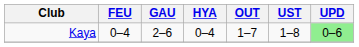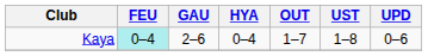 <table class="wikitable" style="text-align: center;">
 <tr>
 <th width=120px>Club</th>
 <th width=50px><a href='#'>FEU</a></th>
 <th width=50px><a href='#'>GAU</a></th>
 <th width=50px><a href='#'>HYA</a></th>
 <th width=50px><a href='#'>OUT</a></th>
 <th width=50px><a href='#'>UST</a></th>
 <th width=50px><a href='#'>UPD</a></th>
 </tr>
 <tr>
 <td align=right><a href='#'>Kaya</a></td>
-<td>0–4</td>
+<td style="background: paleturquoise;">0–4</td>
 <td>2–6</td>
 <td>0–4</td>
 <td>1–7</td>
 <td>1–8</td>
-<td style="background: lightgreen;">0–6</td>
+<td>0–6</td>
 </tr>
 <tr>
 </tr>
 </table>
